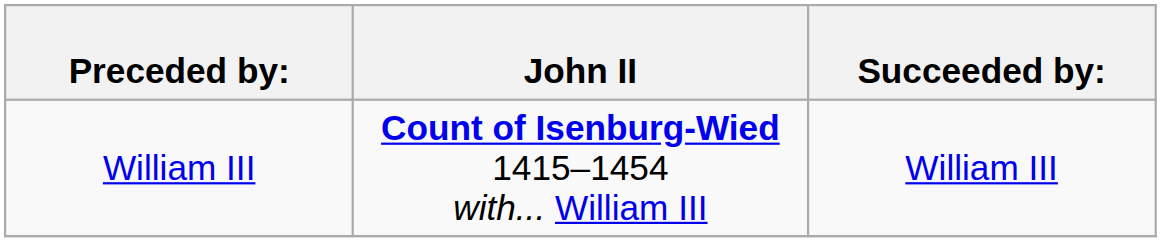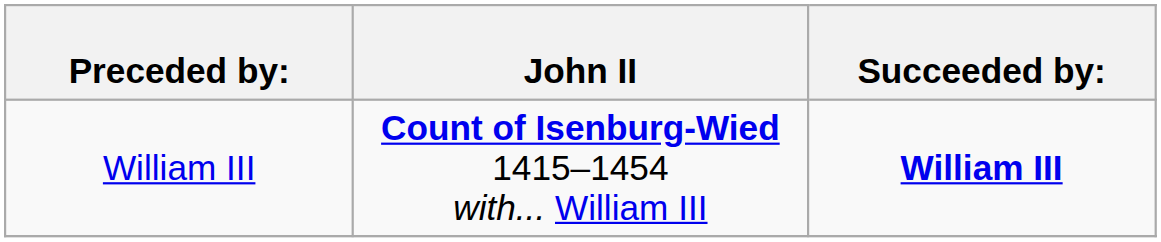 <table class="wikitable" style="margin:1em auto;">
 <tr align="center">
 <th width=150px><br>Preceded by:</th>
 <th width=200px><br>John II</th>
 <th width=150px><br>Succeeded by:</th>
 </tr>
 <tr align="center">
 <td><a href='#'>William III</a></td>
 <td width=150px><strong><a href='#'>Count of Isenburg-Wied</a></strong><br>1415–1454<br><em>with...</em> <a href='#'>William III</a></td>
-<td><a href='#'>William III</a></td>
+<td><strong><a href='#'>William III</a></strong></td>
 </tr>
 <tr>
 </tr>
 </table>
